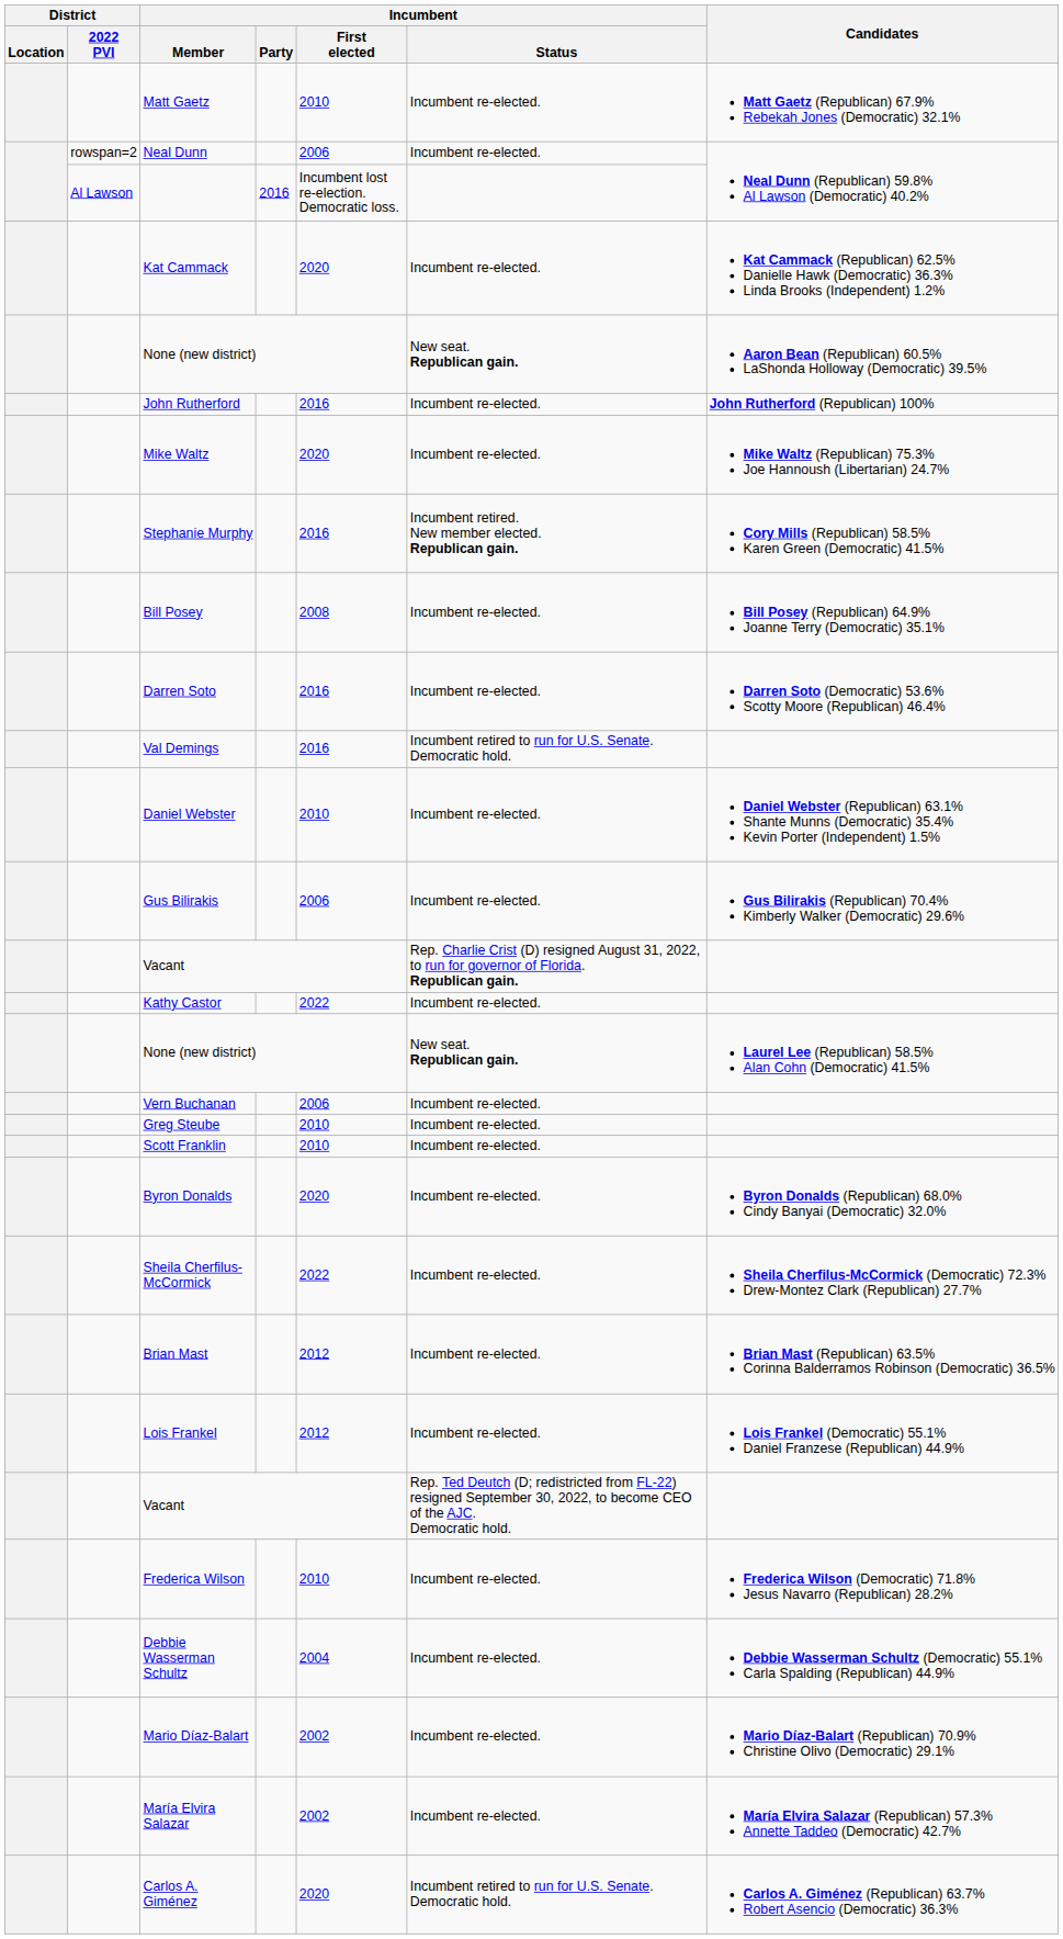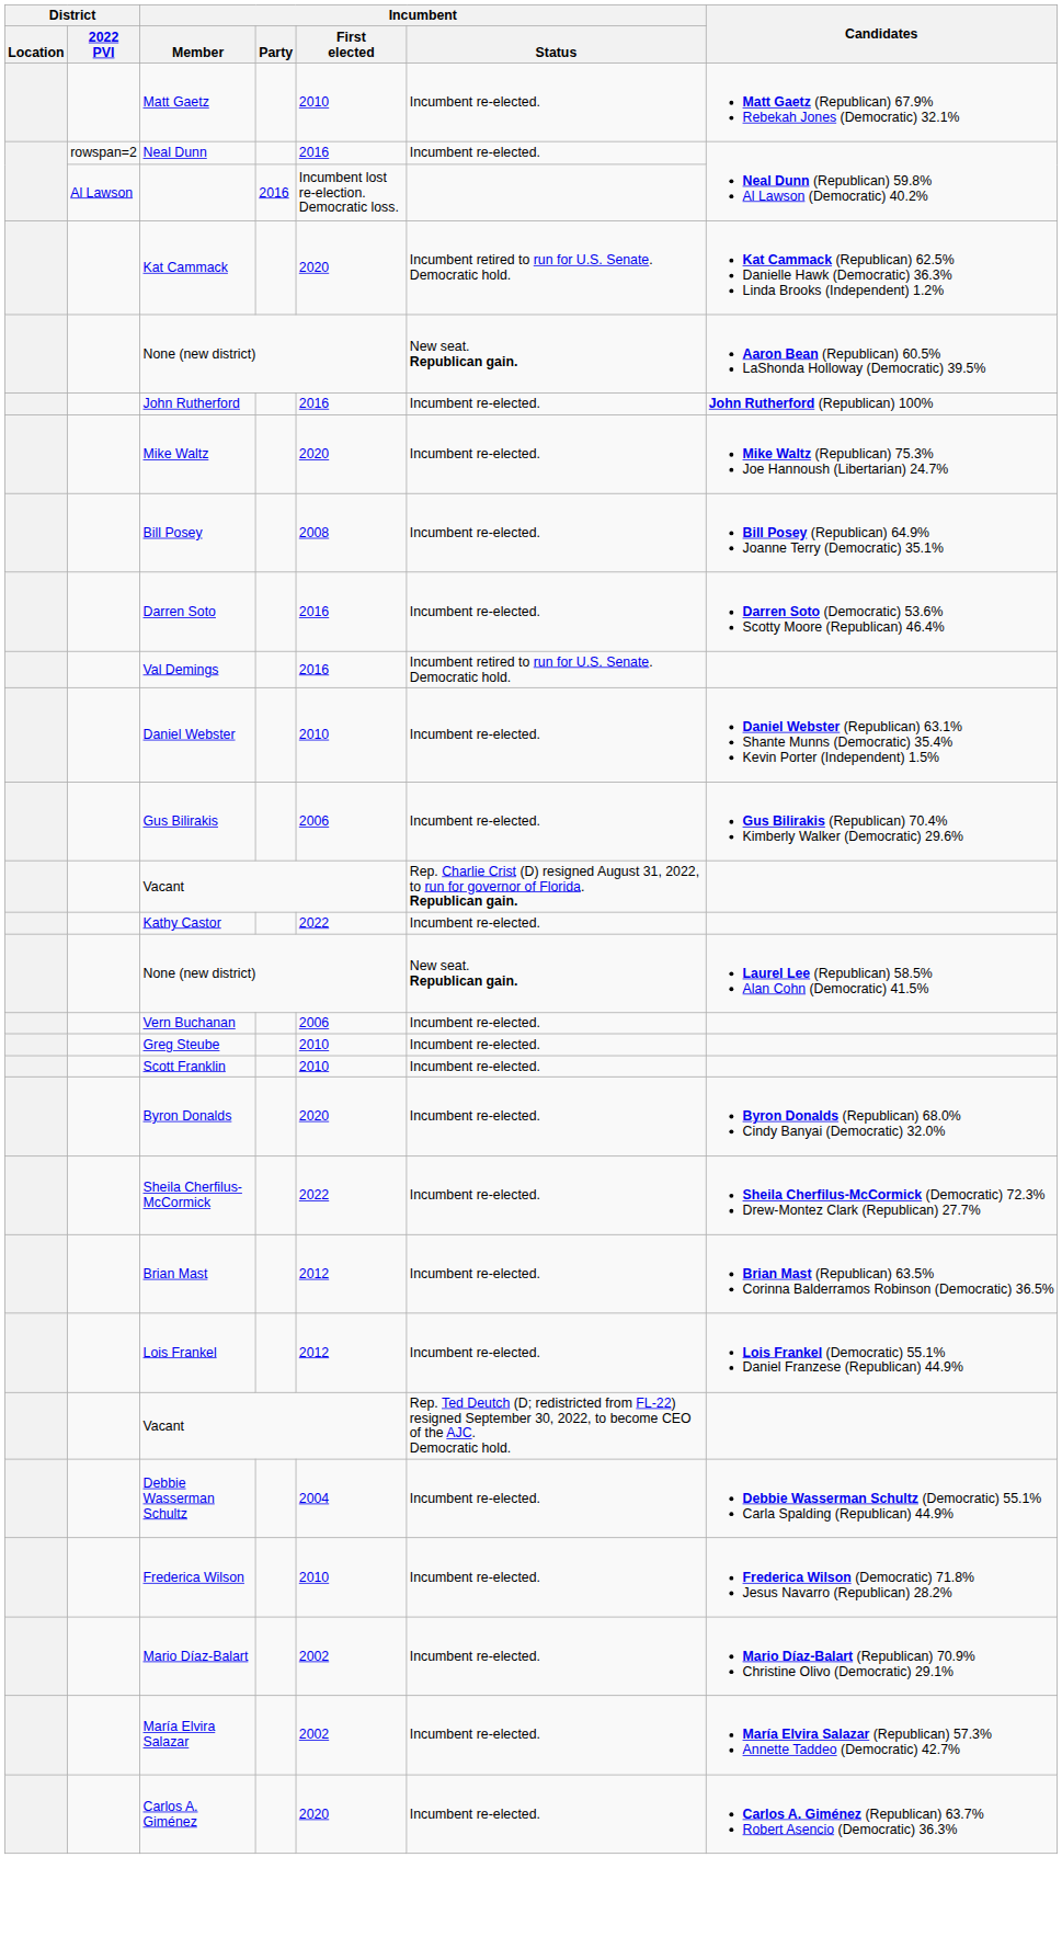 <table class="wikitable sortable">
 <tr>
 <th colspan=2>District</th>
 <th colspan=4>Incumbent</th>
 <th rowspan=2 class="unsortable">Candidates</th>
 </tr>
 <tr valign=bottom>
 <th>Location</th>
 <th><a href='#'>2022<br>PVI</a></th>
 <th>Member</th>
 <th>Party</th>
 <th>First<br>elected</th>
 <th>Status</th>
 </tr>
 <tr>
 <th></th>
 <td></td>
 <td><a href='#'>Matt Gaetz</a></td>
 <td></td>
 <td><a href='#'>2010</a></td>
 <td>Incumbent re-elected.</td>
 <td nowrap><br><ul><li> <strong><a href='#'>Matt Gaetz</a></strong> (Republican) 67.9%</li><li><a href='#'>Rebekah Jones</a> (Democratic) 32.1%</li></ul></td>
 </tr>
 <tr>
 <th rowspan=2></th>
 <td>rowspan=2 </td>
 <td><a href='#'>Neal Dunn</a></td>
 <td></td>
-<td><a href='#'>2006</a></td>
+<td><a href='#'>2016</a></td>
 <td>Incumbent re-elected.</td>
 <td rowspan=2 nowrap><br><ul><li> <strong><a href='#'>Neal Dunn</a></strong> (Republican) 59.8%</li><li><a href='#'>Al Lawson</a> (Democratic) 40.2%</li></ul></td>
 </tr>
 <tr>
 <td><a href='#'>Al Lawson</a> <br></td>
 <td></td>
 <td><a href='#'>2016</a></td>
 <td>Incumbent lost re-election.<br>Democratic loss.</td>
 </tr>
 <tr>
 <th></th>
 <td></td>
 <td><a href='#'>Kat Cammack</a></td>
 <td></td>
 <td><a href='#'>2020</a></td>
-<td>Incumbent re-elected.</td>
+<td>Incumbent retired to <a href='#'>run for U.S. Senate</a>.<br>Democratic hold.</td>
 <td nowrap><br><ul><li> <strong><a href='#'>Kat Cammack</a></strong> (Republican) 62.5%</li><li>Danielle Hawk (Democratic) 36.3%</li><li>Linda Brooks (Independent) 1.2%</li></ul></td>
 </tr>
 <tr>
 <th></th>
 <td></td>
 <td colspan=3>None (new district)</td>
 <td>New seat.<br><strong>Republican gain.</strong></td>
 <td nowrap><br><ul><li> <strong><a href='#'>Aaron Bean</a></strong> (Republican) 60.5%</li><li>LaShonda Holloway (Democratic) 39.5%</li></ul></td>
 </tr>
 <tr>
 <th></th>
 <td></td>
 <td><a href='#'>John Rutherford</a> <br></td>
 <td></td>
 <td><a href='#'>2016</a></td>
 <td>Incumbent re-elected.</td>
 <td nowrap> <strong><a href='#'>John Rutherford</a></strong> (Republican) 100%</td>
 </tr>
 <tr>
 <th></th>
 <td></td>
 <td><a href='#'>Mike Waltz</a></td>
 <td></td>
 <td><a href='#'>2020</a></td>
 <td>Incumbent re-elected.</td>
 <td nowrap><br><ul><li> <strong><a href='#'>Mike Waltz</a></strong> (Republican) 75.3%</li><li>Joe Hannoush (Libertarian) 24.7%</li></ul></td>
-</tr>
-<tr>
-<th></th>
-<td></td>
-<td><a href='#'>Stephanie Murphy</a></td>
-<td></td>
-<td><a href='#'>2016</a></td>
-<td>Incumbent retired.<br>New member elected.<br><strong>Republican gain.</strong></td>
-<td nowrap><br><ul><li> <strong><a href='#'>Cory Mills</a></strong> (Republican) 58.5%</li><li>Karen Green (Democratic) 41.5%</li></ul></td>
 </tr>
 <tr>
 <th></th>
 <td></td>
 <td><a href='#'>Bill Posey</a></td>
 <td></td>
 <td><a href='#'>2008</a></td>
 <td>Incumbent re-elected.</td>
 <td nowrap><br><ul><li> <strong><a href='#'>Bill Posey</a></strong> (Republican) 64.9%</li><li>Joanne Terry (Democratic) 35.1%</li></ul></td>
 </tr>
 <tr>
 <th></th>
 <td></td>
 <td><a href='#'>Darren Soto</a></td>
 <td></td>
 <td><a href='#'>2016</a></td>
 <td>Incumbent re-elected.</td>
 <td nowrap><br><ul><li> <strong><a href='#'>Darren Soto</a></strong> (Democratic) 53.6%</li><li>Scotty Moore (Republican) 46.4%</li></ul></td>
 </tr>
 <tr>
 <th></th>
 <td></td>
 <td><a href='#'>Val Demings</a></td>
 <td></td>
 <td><a href='#'>2016</a></td>
 <td>Incumbent retired to <a href='#'>run for U.S. Senate</a>.<br>Democratic hold.</td>
 <td nowrap></td>
 </tr>
 <tr>
 <th></th>
 <td></td>
 <td><a href='#'>Daniel Webster</a></td>
 <td></td>
 <td><a href='#'>2010</a></td>
 <td>Incumbent re-elected.</td>
 <td nowrap><br><ul><li> <strong><a href='#'>Daniel Webster</a></strong> (Republican) 63.1%</li><li>Shante Munns (Democratic) 35.4%</li><li>Kevin Porter (Independent) 1.5%</li></ul></td>
 </tr>
 <tr>
 <th></th>
 <td></td>
 <td><a href='#'>Gus Bilirakis</a></td>
 <td></td>
 <td><a href='#'>2006</a></td>
 <td>Incumbent re-elected.</td>
 <td nowrap><br><ul><li> <strong><a href='#'>Gus Bilirakis</a></strong> (Republican) 70.4%</li><li>Kimberly Walker (Democratic) 29.6%</li></ul></td>
 </tr>
 <tr>
 <th></th>
 <td></td>
 <td colspan=3>Vacant</td>
 <td>Rep. <a href='#'>Charlie Crist</a> (D) resigned August 31, 2022, to <a href='#'>run for governor of Florida</a>.<br><strong>Republican gain.</strong></td>
 <td nowrap></td>
 </tr>
 <tr>
 <th></th>
 <td></td>
 <td><a href='#'>Kathy Castor</a></td>
 <td></td>
 <td><a href='#'>2022</a></td>
 <td>Incumbent re-elected.</td>
 <td nowrap></td>
 </tr>
 <tr>
 <th></th>
 <td></td>
 <td colspan=3>None (new district)</td>
 <td>New seat.<br><strong>Republican gain.</strong></td>
 <td nowrap><br><ul><li> <strong><a href='#'>Laurel Lee</a></strong> (Republican) 58.5%</li><li><a href='#'>Alan Cohn</a> (Democratic) 41.5%</li></ul></td>
 </tr>
 <tr>
 <th></th>
 <td></td>
 <td><a href='#'>Vern Buchanan</a></td>
 <td></td>
 <td><a href='#'>2006</a></td>
 <td>Incumbent re-elected.</td>
 <td nowrap></td>
 </tr>
 <tr>
 <th></th>
 <td></td>
 <td><a href='#'>Greg Steube</a></td>
 <td></td>
 <td><a href='#'>2010</a></td>
 <td>Incumbent re-elected.</td>
 <td nowrap></td>
 </tr>
 <tr>
 <th></th>
 <td></td>
 <td><a href='#'>Scott Franklin</a> <br></td>
 <td></td>
 <td><a href='#'>2010</a></td>
 <td>Incumbent re-elected.</td>
 <td nowrap></td>
 </tr>
 <tr>
 <th></th>
 <td></td>
 <td><a href='#'>Byron Donalds</a></td>
 <td></td>
 <td><a href='#'>2020</a></td>
 <td>Incumbent re-elected.</td>
 <td nowrap><br><ul><li> <strong><a href='#'>Byron Donalds</a></strong> (Republican) 68.0%</li><li>Cindy Banyai (Democratic) 32.0%</li></ul></td>
 </tr>
 <tr>
 <th></th>
 <td></td>
 <td><a href='#'>Sheila Cherfilus-McCormick</a></td>
 <td></td>
 <td><a href='#'>2022 </a></td>
 <td>Incumbent re-elected.</td>
 <td nowrap><br><ul><li> <strong><a href='#'>Sheila Cherfilus-McCormick</a></strong> (Democratic) 72.3%</li><li>Drew-Montez Clark (Republican) 27.7%</li></ul></td>
 </tr>
 <tr>
 <th></th>
 <td></td>
 <td><a href='#'>Brian Mast</a> <br></td>
 <td></td>
 <td><a href='#'>2012</a></td>
 <td>Incumbent re-elected.</td>
 <td nowrap><br><ul><li> <strong><a href='#'>Brian Mast</a></strong> (Republican) 63.5%</li><li>Corinna Balderramos Robinson (Democratic) 36.5%</li></ul></td>
 </tr>
 <tr>
 <th></th>
 <td></td>
 <td><a href='#'>Lois Frankel</a> <br></td>
 <td></td>
 <td><a href='#'>2012</a></td>
 <td>Incumbent re-elected.</td>
 <td nowrap><br><ul><li> <strong><a href='#'>Lois Frankel</a></strong> (Democratic) 55.1%</li><li>Daniel Franzese (Republican) 44.9%</li></ul></td>
 </tr>
 <tr>
 <th></th>
 <td></td>
 <td colspan=3>Vacant</td>
 <td>Rep. <a href='#'>Ted Deutch</a> (D; redistricted from <a href='#'>FL-22</a>) resigned September 30, 2022, to become CEO of the <a href='#'>AJC</a>.<br>Democratic hold.</td>
 <td nowrap></td>
 </tr>
 <tr>
 <th></th>
 <td></td>
+<td><a href='#'>Debbie Wasserman Schultz</a> <br></td>
+<td></td>
+<td><a href='#'>2004</a></td>
+<td>Incumbent re-elected.</td>
+<td nowrap><br><ul><li> <strong><a href='#'>Debbie Wasserman Schultz</a></strong> (Democratic) 55.1%</li><li>Carla Spalding (Republican) 44.9%</li></ul></td>
+</tr>
+<tr>
+<th></th>
+<td></td>
 <td><a href='#'>Frederica Wilson</a></td>
 <td></td>
 <td><a href='#'>2010</a></td>
 <td>Incumbent re-elected.</td>
 <td nowrap><br><ul><li> <strong><a href='#'>Frederica Wilson</a></strong> (Democratic) 71.8%</li><li>Jesus Navarro (Republican) 28.2%</li></ul></td>
-</tr>
-<tr>
-<th></th>
-<td></td>
-<td><a href='#'>Debbie Wasserman Schultz</a> <br></td>
-<td></td>
-<td><a href='#'>2004</a></td>
-<td>Incumbent re-elected.</td>
-<td nowrap><br><ul><li> <strong><a href='#'>Debbie Wasserman Schultz</a></strong> (Democratic) 55.1%</li><li>Carla Spalding (Republican) 44.9%</li></ul></td>
 </tr>
 <tr>
 <th></th>
 <td></td>
 <td><a href='#'>Mario Díaz-Balart</a> <br></td>
 <td></td>
 <td><a href='#'>2002</a></td>
 <td>Incumbent re-elected.</td>
 <td nowrap><br><ul><li> <strong><a href='#'>Mario Díaz-Balart</a></strong> (Republican) 70.9%</li><li>Christine Olivo (Democratic) 29.1%</li></ul></td>
 </tr>
 <tr>
 <th></th>
 <td></td>
 <td><a href='#'>María Elvira Salazar</a></td>
 <td></td>
 <td><a href='#'>2002</a></td>
 <td>Incumbent re-elected.</td>
 <td nowrap><br><ul><li> <strong><a href='#'>María Elvira Salazar</a></strong> (Republican) 57.3%</li><li><a href='#'>Annette Taddeo</a> (Democratic) 42.7%</li></ul></td>
 </tr>
 <tr>
 <th></th>
 <td></td>
 <td><a href='#'>Carlos A. Giménez</a> <br></td>
 <td></td>
 <td><a href='#'>2020</a></td>
-<td>Incumbent retired to <a href='#'>run for U.S. Senate</a>.<br>Democratic hold.</td>
+<td>Incumbent re-elected.</td>
 <td nowrap><br><ul><li> <strong><a href='#'>Carlos A. Giménez</a></strong> (Republican) 63.7%</li><li><a href='#'>Robert Asencio</a> (Democratic) 36.3%</li></ul></td>
 </tr>
 </table>
